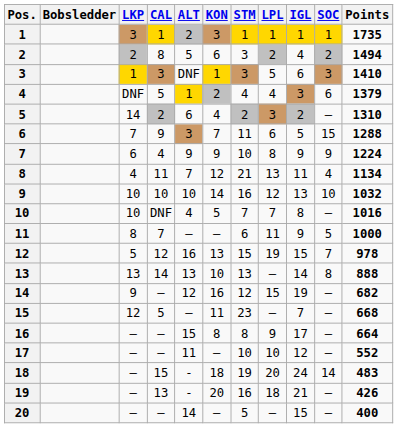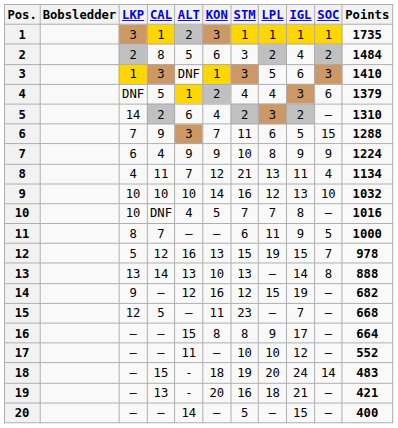 <table class="wikitable sortable plainrowheaders" style="text-align:center;">
 <tr>
 <th scope="col">Pos.</th>
 <th scope="col">Bobsledder </th>
 <th scope="col"><a href='#'>LKP</a></th>
 <th scope="col"><a href='#'>CAL</a></th>
 <th scope="col"><a href='#'>ALT</a></th>
 <th scope="col"><a href='#'>KON</a></th>
 <th scope="col"><a href='#'>STM</a></th>
 <th scope="col"><a href='#'>LPL</a></th>
 <th scope="col"><a href='#'>IGL</a></th>
 <th scope="col"><a href='#'>SOC</a></th>
 <th width="45">Points</th>
 </tr>
 <tr>
 <th align="center">1</th>
 <td align="left"></td>
 <td bgcolor="cc9966">3</td>
 <td bgcolor="gold">1</td>
 <td bgcolor="silver">2</td>
 <td bgcolor="cc9966">3</td>
 <td bgcolor="gold">1</td>
 <td bgcolor="gold">1</td>
 <td bgcolor="gold">1</td>
 <td bgcolor="gold">1</td>
 <td><strong>1735</strong></td>
 </tr>
 <tr>
 <th align="center">2</th>
 <td align="left"></td>
 <td bgcolor="silver">2</td>
 <td>8</td>
 <td>5</td>
 <td>6</td>
 <td>3</td>
 <td bgcolor="silver">2</td>
 <td>4</td>
 <td bgcolor="silver">2</td>
-<td><strong>1494</strong></td>
+<td><strong>1484</strong></td>
 </tr>
 <tr>
 <th align="center">3</th>
 <td align="left"></td>
 <td bgcolor="gold">1</td>
 <td bgcolor="cc9966">3</td>
 <td>DNF</td>
 <td bgcolor="gold">1</td>
 <td bgcolor="cc9966">3</td>
 <td>5</td>
 <td>6</td>
 <td bgcolor="cc9966">3</td>
 <td><strong>1410</strong></td>
 </tr>
 <tr>
 <th align="center">4</th>
 <td align="left"></td>
 <td>DNF</td>
 <td>5</td>
 <td bgcolor="gold">1</td>
 <td bgcolor="silver">2</td>
 <td>4</td>
 <td>4</td>
 <td bgcolor="cc9966">3</td>
 <td>6</td>
 <td><strong>1379</strong></td>
 </tr>
 <tr>
 <th align="center">5</th>
 <td align="left"></td>
 <td>14</td>
 <td bgcolor="silver">2</td>
 <td>6</td>
 <td>4</td>
 <td bgcolor="silver">2</td>
 <td bgcolor="cc9966">3</td>
 <td bgcolor="silver">2</td>
 <td>–</td>
 <td><strong>1310</strong></td>
 </tr>
 <tr>
 <th align="center">6</th>
 <td align="left"></td>
 <td>7</td>
 <td>9</td>
 <td bgcolor="cc9966">3</td>
 <td>7</td>
 <td>11</td>
 <td>6</td>
 <td>5</td>
 <td>15</td>
 <td><strong>1288</strong></td>
 </tr>
 <tr>
 <th align="center">7</th>
 <td align="left"></td>
 <td>6</td>
 <td>4</td>
 <td>9</td>
 <td>9</td>
 <td>10</td>
 <td>8</td>
 <td>9</td>
 <td>9</td>
 <td><strong>1224</strong></td>
 </tr>
 <tr>
 <th align="center">8</th>
 <td align="left"></td>
 <td>4</td>
 <td>11</td>
 <td>7</td>
 <td>12</td>
 <td>21</td>
 <td>13</td>
 <td>11</td>
 <td>4</td>
 <td><strong>1134</strong></td>
 </tr>
 <tr>
 <th align="center">9</th>
 <td align="left"></td>
 <td>10</td>
 <td>10</td>
 <td>10</td>
 <td>14</td>
 <td>16</td>
 <td>12</td>
 <td>13</td>
 <td>10</td>
 <td><strong>1032</strong></td>
 </tr>
 <tr>
 <th align="center">10</th>
 <td align="left"></td>
 <td>10</td>
 <td>DNF</td>
 <td>4</td>
 <td>5</td>
 <td>7</td>
 <td>7</td>
 <td>8</td>
 <td>–</td>
 <td><strong>1016</strong></td>
 </tr>
 <tr>
 <th align="center">11</th>
 <td align="left"></td>
 <td>8</td>
 <td>7</td>
 <td>–</td>
 <td>–</td>
 <td>6</td>
 <td>11</td>
 <td>9</td>
 <td>5</td>
 <td><strong>1000</strong></td>
 </tr>
 <tr>
 <th align="center">12</th>
 <td align="left"></td>
 <td>5</td>
 <td>12</td>
 <td>16</td>
 <td>13</td>
 <td>15</td>
 <td>19</td>
 <td>15</td>
 <td>7</td>
 <td><strong>978</strong></td>
 </tr>
 <tr>
 <th align="center">13</th>
 <td align="left"></td>
 <td>13</td>
 <td>14</td>
 <td>13</td>
 <td>10</td>
 <td>13</td>
 <td>–</td>
 <td>14</td>
 <td>8</td>
 <td><strong>888</strong></td>
 </tr>
 <tr>
 <th align="center">14</th>
 <td align="left"></td>
 <td>9</td>
 <td>–</td>
 <td>12</td>
 <td>16</td>
 <td>12</td>
 <td>15</td>
 <td>19</td>
 <td>–</td>
 <td><strong>682</strong></td>
 </tr>
 <tr>
 <th align="center">15</th>
 <td align="left"></td>
 <td>12</td>
 <td>5</td>
 <td>–</td>
 <td>11</td>
 <td>23</td>
 <td>–</td>
 <td>7</td>
 <td>–</td>
 <td><strong>668</strong></td>
 </tr>
 <tr>
 <th align="center">16</th>
 <td align="left"></td>
 <td>–</td>
 <td>–</td>
 <td>15</td>
 <td>8</td>
 <td>8</td>
 <td>9</td>
 <td>17</td>
 <td>–</td>
 <td><strong>664</strong></td>
 </tr>
 <tr>
 <th align="center">17</th>
 <td align="left"></td>
 <td>–</td>
 <td>–</td>
 <td>11</td>
 <td>–</td>
 <td>10</td>
 <td>10</td>
 <td>12</td>
 <td>–</td>
 <td><strong>552</strong></td>
 </tr>
 <tr>
 <th align="center">18</th>
 <td align="left"></td>
 <td>–</td>
 <td>15</td>
 <td>-</td>
 <td>18</td>
 <td>19</td>
 <td>20</td>
 <td>24</td>
 <td>14</td>
 <td><strong>483</strong></td>
 </tr>
 <tr>
 <th align="center">19</th>
 <td align="left"></td>
 <td>–</td>
 <td>13</td>
 <td>-</td>
 <td>20</td>
 <td>16</td>
 <td>18</td>
 <td>21</td>
 <td>–</td>
-<td><strong>426</strong></td>
+<td><strong>421</strong></td>
 </tr>
 <tr>
 <th align="center">20</th>
 <td align="left"></td>
 <td>–</td>
 <td>–</td>
 <td>14</td>
 <td>–</td>
 <td>5</td>
 <td>–</td>
 <td>15</td>
 <td>–</td>
 <td><strong>400</strong></td>
 </tr>
 </table>
